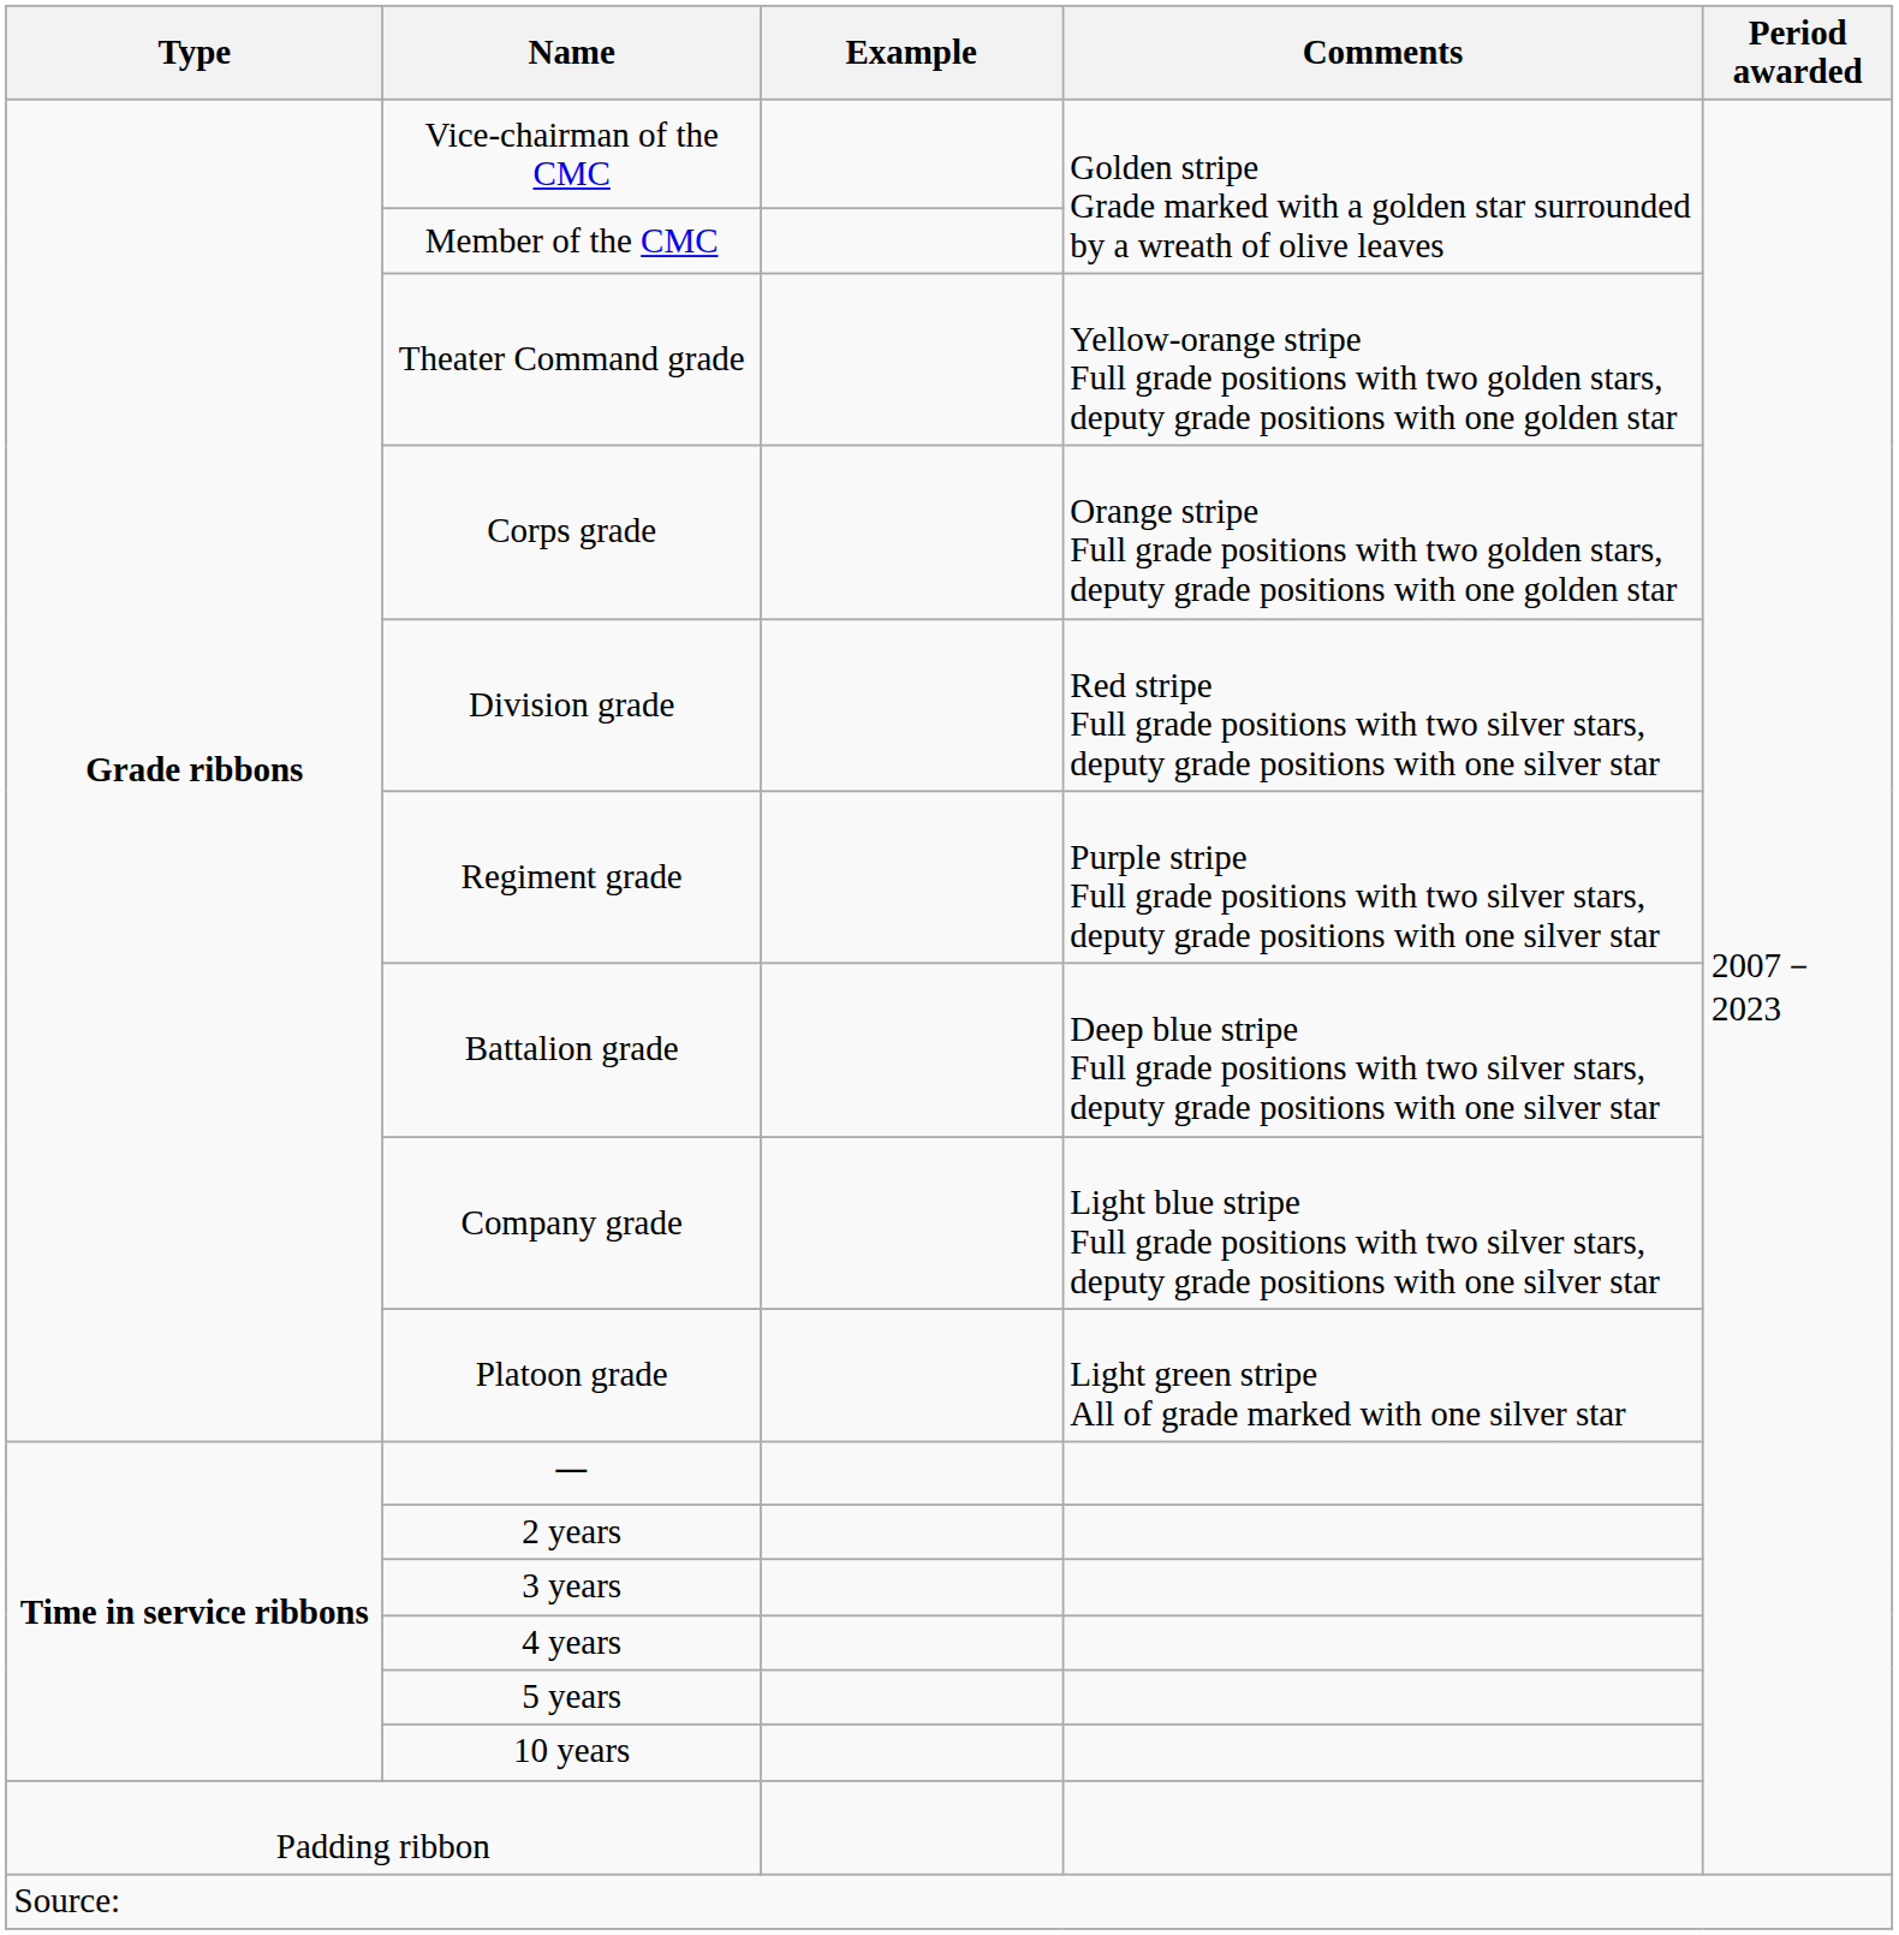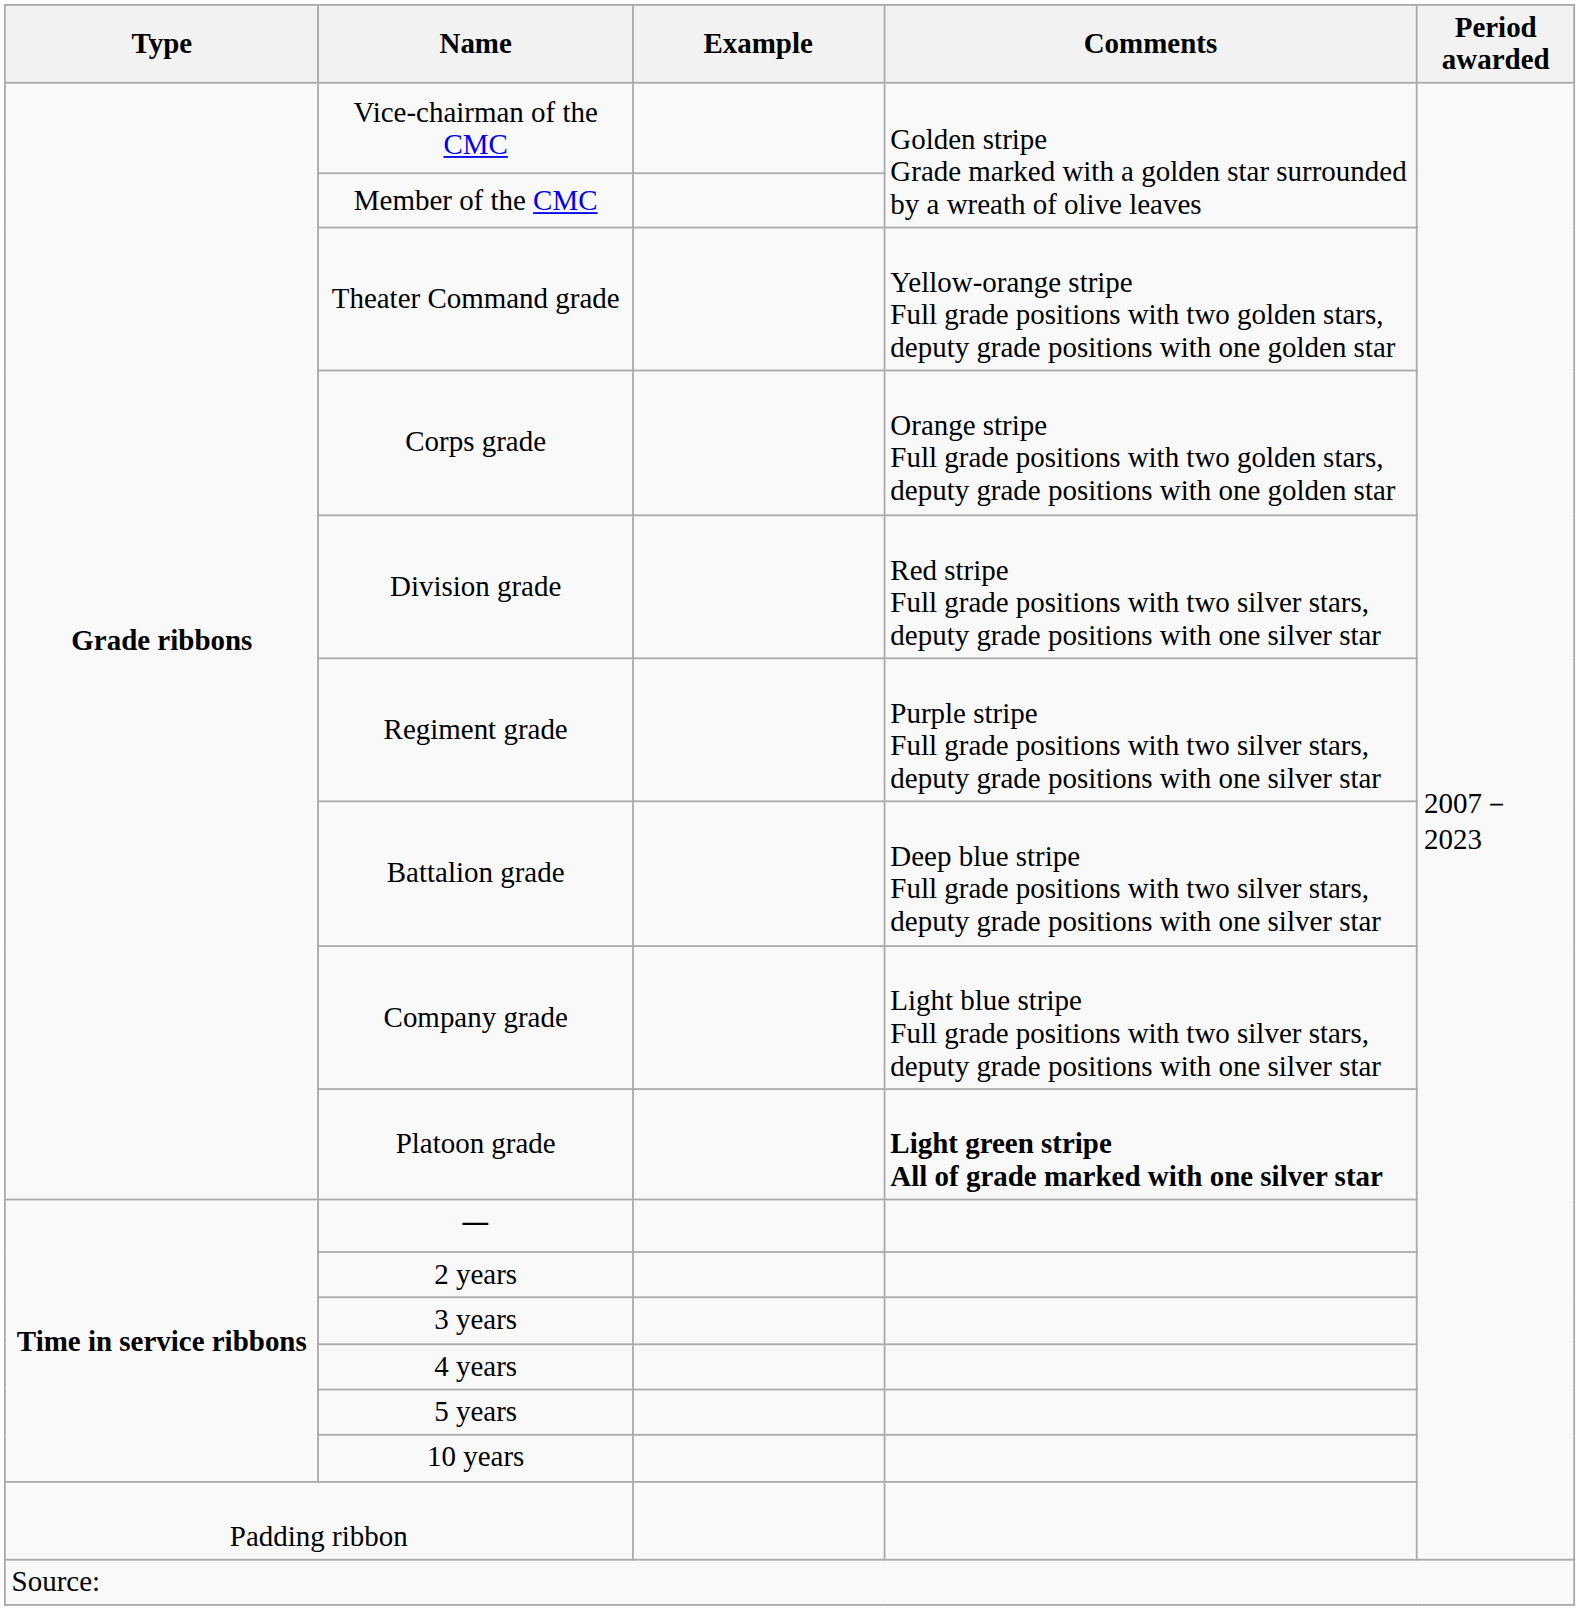 <table class="wikitable">
 <tr>
 <th width="20%">Type</th>
 <th width="20%">Name</th>
 <th width="16%">Example</th>
 <th>Comments</th>
 <th width="10%">Period awarded</th>
 </tr>
 <tr>
 <td rowspan=9 style="text-align: center;"><strong>Grade ribbons</strong></td>
 <td style="text-align: center;">Vice-chairman of the <a href='#'>CMC</a></td>
 <td></td>
 <td rowspan=2><br>Golden stripe<br> Grade marked with a golden star surrounded by a wreath of olive leaves</td>
 <td rowspan=16>2007－<br>2023</td>
 </tr>
 <tr>
 <td style="text-align: center;">Member of the <a href='#'>CMC</a></td>
 <td></td>
 </tr>
 <tr>
 <td style="text-align: center;">Theater Command grade</td>
 <td><br><br></td>
 <td><br>Yellow-orange stripe<br> Full grade positions with two golden stars, deputy grade positions with one golden star</td>
 </tr>
 <tr>
 <td style="text-align: center;">Corps grade</td>
 <td><br><br></td>
 <td><br>Orange stripe<br> Full grade positions with two golden stars, deputy grade positions with one golden star</td>
 </tr>
 <tr>
 <td style="text-align: center;">Division grade</td>
 <td><br><br></td>
 <td><br>Red stripe<br> Full grade positions with two silver stars, deputy grade positions with one silver star</td>
 </tr>
 <tr>
 <td style="text-align: center;">Regiment grade</td>
 <td><br><br></td>
 <td><br>Purple stripe<br> Full grade positions with two silver stars, deputy grade positions with one silver star</td>
 </tr>
 <tr>
 <td style="text-align: center;">Battalion grade</td>
 <td><br><br></td>
 <td><br>Deep blue stripe<br> Full grade positions with two silver stars, deputy grade positions with one silver star</td>
 </tr>
 <tr>
 <td style="text-align: center;">Company grade</td>
 <td><br><br></td>
 <td><br>Light blue stripe<br> Full grade positions with two silver stars, deputy grade positions with one silver star</td>
 </tr>
 <tr>
 <td style="text-align: center;">Platoon grade</td>
 <td></td>
-<td><br>Light green stripe<br>All of grade marked with one silver star</td>
+<td><strong><br>Light green stripe<br>All of grade marked with one silver star</strong></td>
 </tr>
 <tr>
 <td rowspan=6 style="text-align: center;"><strong>Time in service ribbons</strong><br></td>
 <td style="text-align: center;">一</td>
 <td></td>
 <td></td>
 </tr>
 <tr>
 <td style="text-align: center;">2 years</td>
 <td></td>
 <td></td>
 </tr>
 <tr>
 <td style="text-align: center;">3 years</td>
 <td></td>
 <td></td>
 </tr>
 <tr>
 <td style="text-align: center;">4 years</td>
 <td></td>
 <td></td>
 </tr>
 <tr>
 <td style="text-align: center;">5 years</td>
 <td></td>
 <td></td>
 </tr>
 <tr>
 <td style="text-align: center;">10 years</td>
 <td></td>
 <td></td>
 </tr>
 <tr>
 <td colspan=2 style="text-align: center;"><br>Padding ribbon</td>
 <td></td>
 </tr>
 <tr>
 <td colspan="5">Source:</td>
 </tr>
 </table>
